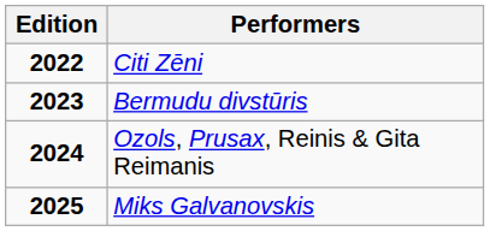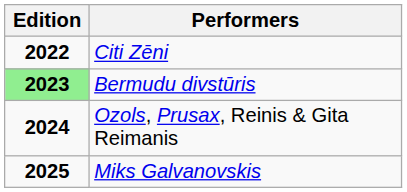 <table class="wikitable">
 <tr>
 <th style="width:60px;">Edition</th>
 <th style="width:240px;">Performers</th>
 </tr>
 <tr>
 <td align="center"><strong>2022</strong></td>
 <td><em><a href='#'>Citi Zēni</a></em></td>
 </tr>
 <tr>
-<td align="center"><strong>2023</strong></td>
+<td align="center" style="background: lightgreen;"><strong>2023</strong></td>
 <td><em><a href='#'>Bermudu divstūris</a></em></td>
 </tr>
 <tr>
 <td align="center"><strong>2024</strong></td>
 <td><em><a href='#'>Ozols</a></em>, <em><a href='#'>Prusax</a></em>, Reinis & Gita Reimanis</td>
 </tr>
 <tr>
 <td align="center"><strong>2025</strong></td>
 <td><em><a href='#'>Miks Galvanovskis</a></em></td>
 </tr>
 </table>
